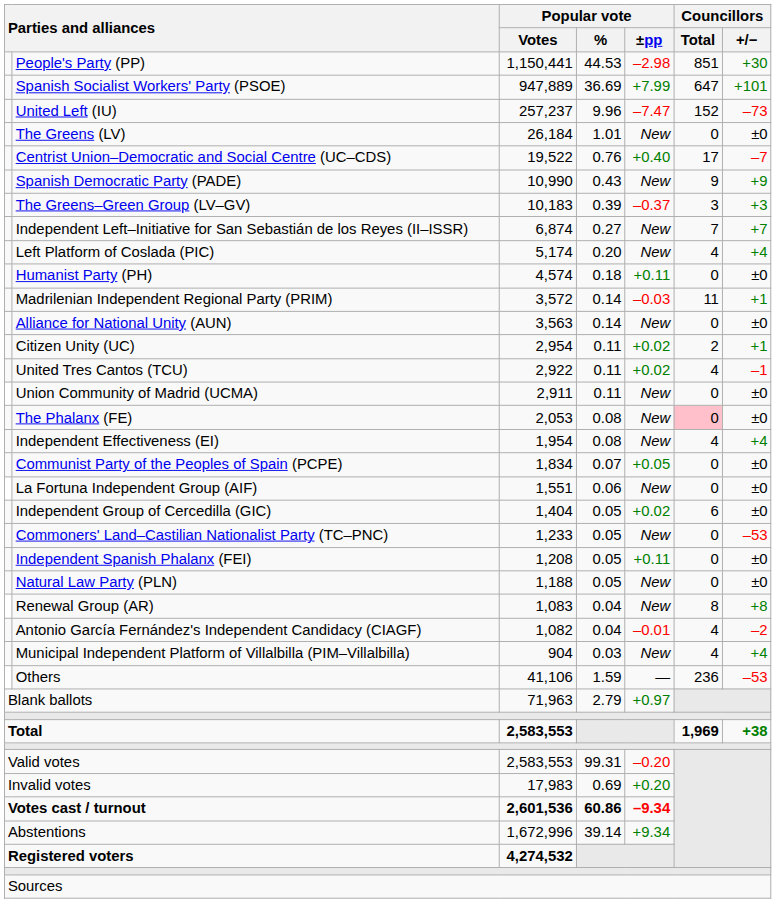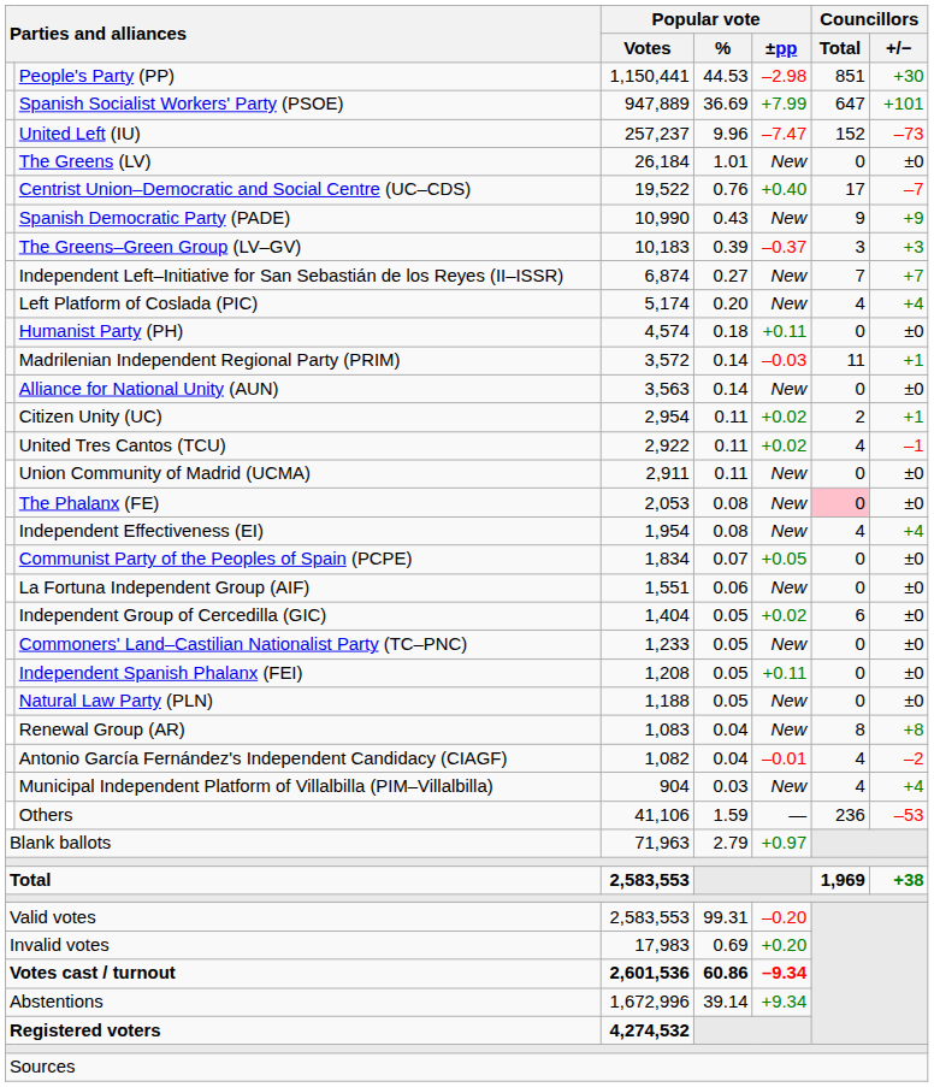 <table class="wikitable" style="text-align:right;">
 <tr>
 <th style="text-align:left;" rowspan="2" colspan="2" width="525">Parties and alliances</th>
 <th colspan="3">Popular vote</th>
 <th colspan="2">Councillors</th>
 </tr>
 <tr>
 <th width="75">Votes</th>
 <th width="45">%</th>
 <th width="45">±<a href='#'>pp</a></th>
 <th width="45">Total</th>
 <th width="45">+/−</th>
 </tr>
 <tr>
 <td width="1" style="color:inherit;background:"></td>
 <td align="left"><a href='#'>People's Party</a> (PP)</td>
 <td>1,150,441</td>
 <td>44.53</td>
 <td style="color:red;">–2.98</td>
 <td>851</td>
 <td style="color:green;">+30</td>
 </tr>
 <tr>
 <td style="color:inherit;background:"></td>
 <td align="left"><a href='#'>Spanish Socialist Workers' Party</a> (PSOE)</td>
 <td>947,889</td>
 <td>36.69</td>
 <td style="color:green;">+7.99</td>
 <td>647</td>
 <td style="color:green;">+101</td>
 </tr>
 <tr>
 <td style="color:inherit;background:"></td>
 <td align="left"><a href='#'>United Left</a> (IU)</td>
 <td>257,237</td>
 <td>9.96</td>
 <td style="color:red;">–7.47</td>
 <td>152</td>
 <td style="color:red;">–73</td>
 </tr>
 <tr>
 <td style="color:inherit;background:"></td>
 <td align="left"><a href='#'>The Greens</a> (LV)</td>
 <td>26,184</td>
 <td>1.01</td>
 <td><em>New</em></td>
 <td>0</td>
 <td>±0</td>
 </tr>
 <tr>
 <td style="color:inherit;background:"></td>
 <td align="left"><a href='#'>Centrist Union–Democratic and Social Centre</a> (UC–CDS)</td>
 <td>19,522</td>
 <td>0.76</td>
 <td style="color:green;">+0.40</td>
 <td>17</td>
 <td style="color:red;">–7</td>
 </tr>
 <tr>
 <td style="color:inherit;background:"></td>
 <td align="left"><a href='#'>Spanish Democratic Party</a> (PADE)</td>
 <td>10,990</td>
 <td>0.43</td>
 <td><em>New</em></td>
 <td>9</td>
 <td style="color:green;">+9</td>
 </tr>
 <tr>
 <td style="color:inherit;background:"></td>
 <td align="left"><a href='#'>The Greens–Green Group</a> (LV–GV)</td>
 <td>10,183</td>
 <td>0.39</td>
 <td style="color:red;">–0.37</td>
 <td>3</td>
 <td style="color:green;">+3</td>
 </tr>
 <tr>
 <td style="color:inherit;background:"></td>
 <td align="left">Independent Left–Initiative for San Sebastián de los Reyes (II–ISSR)</td>
 <td>6,874</td>
 <td>0.27</td>
 <td><em>New</em></td>
 <td>7</td>
 <td style="color:green;">+7</td>
 </tr>
 <tr>
 <td style="color:inherit;background:"></td>
 <td align="left">Left Platform of Coslada (PIC)</td>
 <td>5,174</td>
 <td>0.20</td>
 <td><em>New</em></td>
 <td>4</td>
 <td style="color:green;">+4</td>
 </tr>
 <tr>
 <td style="color:inherit;background:"></td>
 <td align="left"><a href='#'>Humanist Party</a> (PH)</td>
 <td>4,574</td>
 <td>0.18</td>
 <td style="color:green;">+0.11</td>
 <td>0</td>
 <td>±0</td>
 </tr>
 <tr>
 <td style="color:inherit;background:"></td>
 <td align="left">Madrilenian Independent Regional Party (PRIM)</td>
 <td>3,572</td>
 <td>0.14</td>
 <td style="color:red;">–0.03</td>
 <td>11</td>
 <td style="color:green;">+1</td>
 </tr>
 <tr>
 <td style="color:inherit;background:"></td>
 <td align="left"><a href='#'>Alliance for National Unity</a> (AUN)</td>
 <td>3,563</td>
 <td>0.14</td>
 <td><em>New</em></td>
 <td>0</td>
 <td>±0</td>
 </tr>
 <tr>
 <td style="color:inherit;background:"></td>
 <td align="left">Citizen Unity (UC)</td>
 <td>2,954</td>
 <td>0.11</td>
 <td style="color:green;">+0.02</td>
 <td>2</td>
 <td style="color:green;">+1</td>
 </tr>
 <tr>
 <td style="color:inherit;background:"></td>
 <td align="left">United Tres Cantos (TCU)</td>
 <td>2,922</td>
 <td>0.11</td>
 <td style="color:green;">+0.02</td>
 <td>4</td>
 <td style="color:red;">–1</td>
 </tr>
 <tr>
 <td bgcolor="white"></td>
 <td align="left">Union Community of Madrid (UCMA)</td>
 <td>2,911</td>
 <td>0.11</td>
 <td><em>New</em></td>
 <td>0</td>
 <td>±0</td>
 </tr>
 <tr>
 <td style="color:inherit;background:"></td>
 <td align="left"><a href='#'>The Phalanx</a> (FE)</td>
 <td>2,053</td>
 <td>0.08</td>
 <td><em>New</em></td>
 <td style="background: pink;">0</td>
 <td>±0</td>
 </tr>
 <tr>
 <td style="color:inherit;background:"></td>
 <td align="left">Independent Effectiveness (EI)</td>
 <td>1,954</td>
 <td>0.08</td>
 <td><em>New</em></td>
 <td>4</td>
 <td style="color:green;">+4</td>
 </tr>
 <tr>
 <td style="color:inherit;background:"></td>
 <td align="left"><a href='#'>Communist Party of the Peoples of Spain</a> (PCPE)</td>
 <td>1,834</td>
 <td>0.07</td>
 <td style="color:green;">+0.05</td>
 <td>0</td>
 <td>±0</td>
 </tr>
 <tr>
 <td bgcolor="white"></td>
 <td align="left">La Fortuna Independent Group (AIF)</td>
 <td>1,551</td>
 <td>0.06</td>
 <td><em>New</em></td>
 <td>0</td>
 <td>±0</td>
 </tr>
 <tr>
 <td style="color:inherit;background:"></td>
 <td align="left">Independent Group of Cercedilla (GIC)</td>
 <td>1,404</td>
 <td>0.05</td>
 <td style="color:green;">+0.02</td>
 <td>6</td>
 <td>±0</td>
 </tr>
 <tr>
 <td style="color:inherit;background:"></td>
 <td align="left"><a href='#'>Commoners' Land–Castilian Nationalist Party</a> (TC–PNC)</td>
 <td>1,233</td>
 <td>0.05</td>
 <td><em>New</em></td>
 <td>0</td>
-<td style="color:red;">–53</td>
+<td>±0</td>
 </tr>
 <tr>
 <td style="color:inherit;background:"></td>
 <td align="left"><a href='#'>Independent Spanish Phalanx</a> (FEI)</td>
 <td>1,208</td>
 <td>0.05</td>
 <td style="color:green;">+0.11</td>
 <td>0</td>
 <td>±0</td>
 </tr>
 <tr>
 <td style="color:inherit;background:"></td>
 <td align="left"><a href='#'>Natural Law Party</a> (PLN)</td>
 <td>1,188</td>
 <td>0.05</td>
 <td><em>New</em></td>
 <td>0</td>
 <td>±0</td>
 </tr>
 <tr>
 <td bgcolor="white"></td>
 <td align="left">Renewal Group (AR)</td>
 <td>1,083</td>
 <td>0.04</td>
 <td><em>New</em></td>
 <td>8</td>
 <td style="color:green;">+8</td>
 </tr>
 <tr>
 <td style="color:inherit;background:"></td>
 <td align="left">Antonio García Fernández's Independent Candidacy (CIAGF)</td>
 <td>1,082</td>
 <td>0.04</td>
 <td style="color:red;">–0.01</td>
 <td>4</td>
 <td style="color:red;">–2</td>
 </tr>
 <tr>
 <td style="color:inherit;background:"></td>
 <td align="left">Municipal Independent Platform of Villalbilla (PIM–Villalbilla)</td>
 <td>904</td>
 <td>0.03</td>
 <td><em>New</em></td>
 <td>4</td>
 <td style="color:green;">+4</td>
 </tr>
 <tr>
 <td bgcolor="white"></td>
 <td align="left">Others</td>
 <td>41,106</td>
 <td>1.59</td>
 <td>—</td>
 <td>236</td>
 <td style="color:red;">–53</td>
 </tr>
 <tr>
 <td align="left" colspan="2">Blank ballots</td>
 <td>71,963</td>
 <td>2.79</td>
 <td style="color:green;">+0.97</td>
 <td bgcolor="#E9E9E9" colspan="2"></td>
 </tr>
 <tr>
 <td colspan="7" bgcolor="#E9E9E9"></td>
 </tr>
 <tr style="font-weight:bold;">
 <td align="left" colspan="2">Total</td>
 <td>2,583,553</td>
 <td bgcolor="#E9E9E9" colspan="2"></td>
 <td>1,969</td>
 <td style="color:green;">+38</td>
 </tr>
 <tr>
 <td colspan="7" bgcolor="#E9E9E9"></td>
 </tr>
 <tr>
 <td align="left" colspan="2">Valid votes</td>
 <td>2,583,553</td>
 <td>99.31</td>
 <td style="color:red;">–0.20</td>
 <td bgcolor="#E9E9E9" colspan="2" rowspan="5"></td>
 </tr>
 <tr>
 <td align="left" colspan="2">Invalid votes</td>
 <td>17,983</td>
 <td>0.69</td>
 <td style="color:green;">+0.20</td>
 </tr>
 <tr style="font-weight:bold;">
 <td align="left" colspan="2">Votes cast / turnout</td>
 <td>2,601,536</td>
 <td>60.86</td>
 <td style="color:red;">–9.34</td>
 </tr>
 <tr>
 <td align="left" colspan="2">Abstentions</td>
 <td>1,672,996</td>
 <td>39.14</td>
 <td style="color:green;">+9.34</td>
 </tr>
 <tr style="font-weight:bold;">
 <td align="left" colspan="2">Registered voters</td>
 <td>4,274,532</td>
 <td bgcolor="#E9E9E9" colspan="2"></td>
 </tr>
 <tr>
 <td colspan="7" bgcolor="#E9E9E9"></td>
 </tr>
 <tr>
 <td align="left" colspan="7">Sources</td>
 </tr>
 </table>
